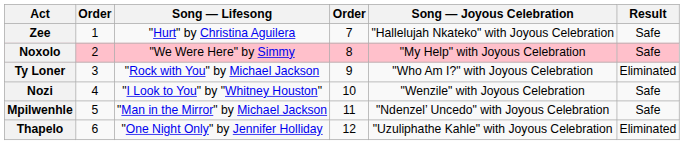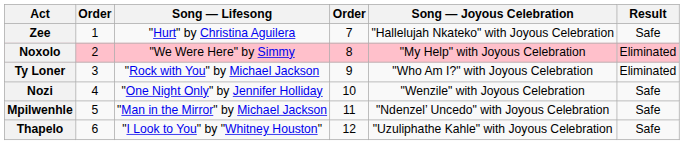 <table class="wikitable plainrowheaders" style="text-align:center;">
 <tr>
 <th scope"col">Act</th>
 <th scope"col">Order</th>
 <th scope"col">Song — Lifesong</th>
 <th scope"col">Order</th>
 <th scope"col">Song — Joyous Celebration</th>
 <th scope"col">Result</th>
 </tr>
 <tr>
 <th scope=row>Zee</th>
 <td>1</td>
 <td>"<a href='#'>Hurt</a>" by <a href='#'>Christina Aguilera</a></td>
 <td>7</td>
 <td>"Hallelujah Nkateko" with Joyous Celebration</td>
 <td>Safe</td>
 </tr>
 <tr style="background: pink">
 <th scope=row>Noxolo</th>
 <td>2</td>
 <td>"We Were Here" by <a href='#'>Simmy</a></td>
 <td>8</td>
 <td>"My Help" with Joyous Celebration</td>
-<td>Safe</td>
+<td>Eliminated</td>
 </tr>
 <tr>
 <th scope=row>Ty Loner</th>
 <td>3</td>
 <td>"<a href='#'>Rock with You</a>" by <a href='#'>Michael Jackson</a></td>
 <td>9</td>
 <td>"Who Am I?" with Joyous Celebration</td>
 <td>Eliminated</td>
 </tr>
 <tr>
 <th scope=row>Nozi</th>
 <td>4</td>
-<td>"<a href='#'>I Look to You</a>" by "<a href='#'>Whitney Houston</a>"</td>
+<td>"<a href='#'>One Night Only</a>" by <a href='#'>Jennifer Holliday</a></td>
 <td>10</td>
 <td>"Wenzile" with Joyous Celebration</td>
 <td>Safe</td>
 </tr>
 <tr>
 <th scope=row>Mpilwenhle</th>
 <td>5</td>
 <td>"<a href='#'>Man in the Mirror</a>" by <a href='#'>Michael Jackson</a></td>
 <td>11</td>
 <td>"Ndenzel’ Uncedo" with Joyous Celebration</td>
 <td>Safe</td>
 </tr>
 <tr>
 <th scope=row>Thapelo</th>
 <td>6</td>
-<td>"<a href='#'>One Night Only</a>" by <a href='#'>Jennifer Holliday</a></td>
+<td>"<a href='#'>I Look to You</a>" by "<a href='#'>Whitney Houston</a>"</td>
 <td>12</td>
 <td>"Uzuliphathe Kahle" with Joyous Celebration</td>
-<td>Eliminated</td>
+<td>Safe</td>
 </tr>
 </table>
